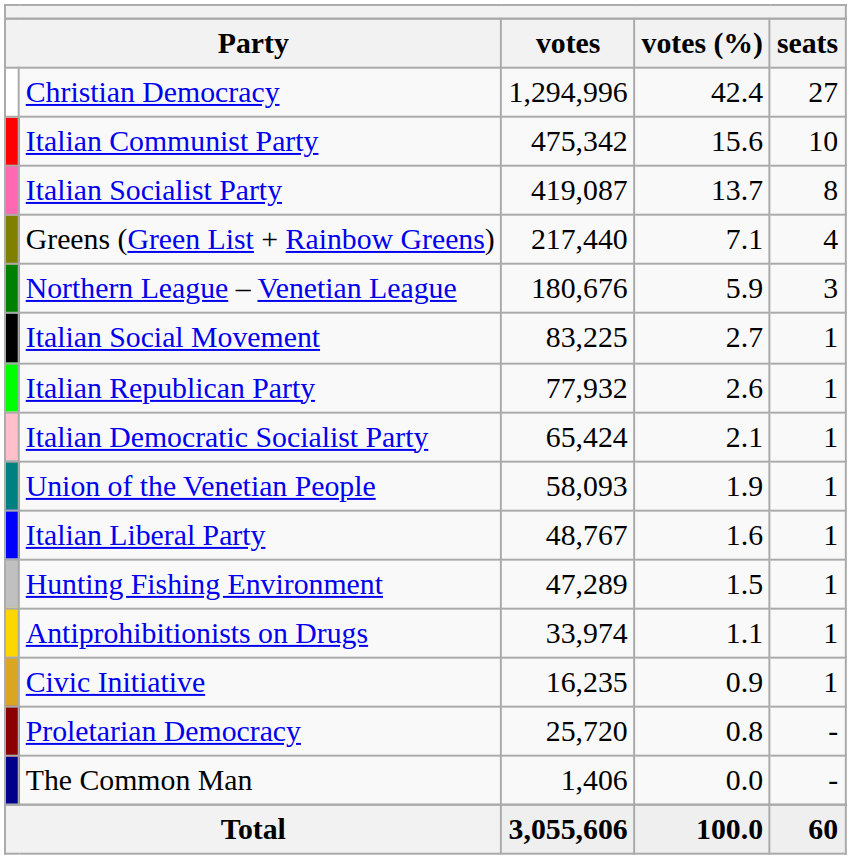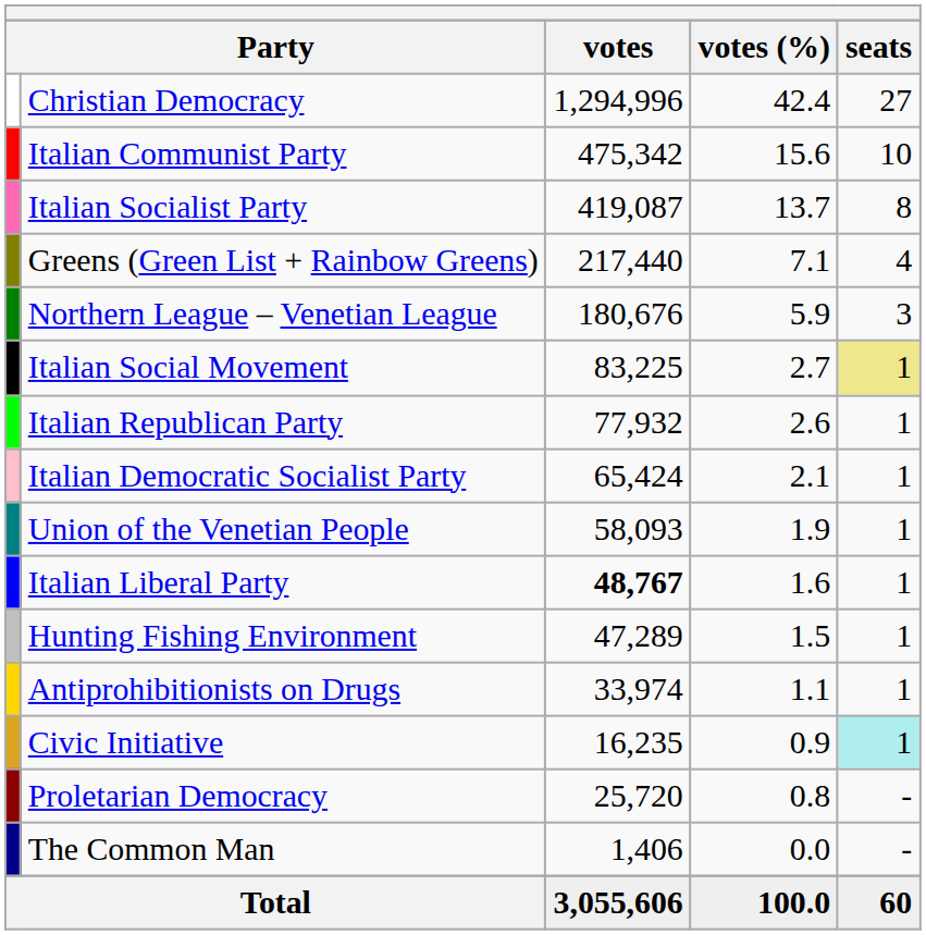 <table class="wikitable" style="font-size:95%">
 <tr>
 <th colspan="5"></th>
 </tr>
 <tr>
 </tr>
 <tr bgcolor="EFEFEF">
 <th colspan=2>Party</th>
 <th>votes</th>
 <th>votes (%)</th>
 <th>seats</th>
 </tr>
 <tr>
 <td bgcolor=white></td>
 <td><a href='#'>Christian Democracy</a></td>
 <td align=right>1,294,996</td>
 <td align=right>42.4</td>
 <td align=right>27</td>
 </tr>
 <tr>
 <td bgcolor=red></td>
 <td><a href='#'>Italian Communist Party</a></td>
 <td align=right>475,342</td>
 <td align=right>15.6</td>
 <td align=right>10</td>
 </tr>
 <tr>
 <td bgcolor=hotpink></td>
 <td><a href='#'>Italian Socialist Party</a></td>
 <td align=right>419,087</td>
 <td align=right>13.7</td>
 <td align=right>8</td>
 </tr>
 <tr>
 <td bgcolor=olive></td>
 <td>Greens (<a href='#'>Green List</a> + <a href='#'>Rainbow Greens</a>)</td>
 <td align=right>217,440</td>
 <td align=right>7.1</td>
 <td align=right>4</td>
 </tr>
 <tr>
 <td bgcolor=green></td>
 <td><a href='#'>Northern League</a> – <a href='#'>Venetian League</a></td>
 <td align=right>180,676</td>
 <td align=right>5.9</td>
 <td align=right>3</td>
 </tr>
 <tr>
 <td bgcolor=black></td>
 <td><a href='#'>Italian Social Movement</a></td>
 <td align=right>83,225</td>
 <td align=right>2.7</td>
-<td align=right>1</td>
+<td align=right style="background: khaki;">1</td>
 </tr>
 <tr>
 <td bgcolor=lime></td>
 <td><a href='#'>Italian Republican Party</a></td>
 <td align=right>77,932</td>
 <td align=right>2.6</td>
 <td align=right>1</td>
 </tr>
 <tr>
 <td bgcolor=pink></td>
 <td><a href='#'>Italian Democratic Socialist Party</a></td>
 <td align=right>65,424</td>
 <td align=right>2.1</td>
 <td align=right>1</td>
 </tr>
 <tr>
 <td bgcolor=teal></td>
 <td><a href='#'>Union of the Venetian People</a></td>
 <td align=right>58,093</td>
 <td align=right>1.9</td>
 <td align=right>1</td>
 </tr>
 <tr>
 <td bgcolor=blue></td>
 <td><a href='#'>Italian Liberal Party</a></td>
-<td align=right>48,767</td>
+<td align=right><strong>48,767</strong></td>
 <td align=right>1.6</td>
 <td align=right>1</td>
 </tr>
 <tr>
 <td bgcolor=silver></td>
 <td><a href='#'>Hunting Fishing Environment</a></td>
 <td align=right>47,289</td>
 <td align=right>1.5</td>
 <td align=right>1</td>
 </tr>
 <tr>
 <td bgcolor=gold></td>
 <td><a href='#'>Antiprohibitionists on Drugs</a></td>
 <td align=right>33,974</td>
 <td align=right>1.1</td>
 <td align=right>1</td>
 </tr>
 <tr>
 <td bgcolor=goldenrod></td>
 <td><a href='#'>Civic Initiative</a></td>
 <td align=right>16,235</td>
 <td align=right>0.9</td>
-<td align=right>1</td>
+<td align=right style="background: paleturquoise;">1</td>
 </tr>
 <tr>
 <td bgcolor=darkred></td>
 <td><a href='#'>Proletarian Democracy</a></td>
 <td align=right>25,720</td>
 <td align=right>0.8</td>
 <td align=right>-</td>
 </tr>
 <tr>
 <td bgcolor="#00008B"></td>
 <td>The Common Man</td>
 <td align=right>1,406</td>
 <td align=right>0.0</td>
 <td align=right>-</td>
 </tr>
 <tr>
 </tr>
 <tr bgcolor="EFEFEF">
 <th colspan=2><strong>Total</strong></th>
 <td align=right><strong>3,055,606</strong></td>
 <td align=right><strong>100.0</strong></td>
 <td align=right><strong>60</strong></td>
 </tr>
 </table>
